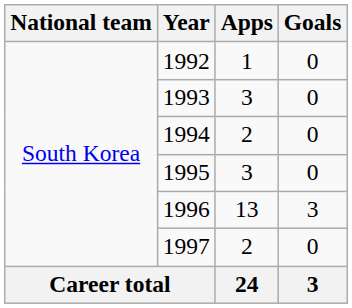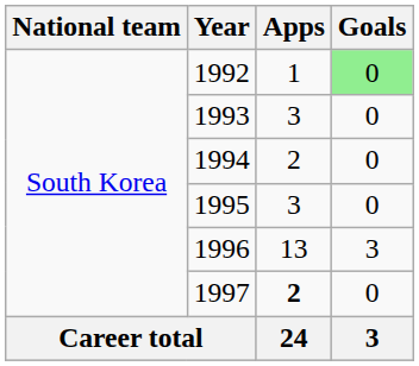 <table class="wikitable" style="text-align:center">
 <tr>
 <th>National team</th>
 <th>Year</th>
 <th>Apps</th>
 <th>Goals</th>
 </tr>
 <tr>
 <td rowspan="6"><a href='#'>South Korea</a></td>
 <td>1992</td>
 <td>1</td>
-<td>0</td>
+<td style="background: lightgreen;">0</td>
 </tr>
 <tr>
 <td>1993</td>
 <td>3</td>
 <td>0</td>
 </tr>
 <tr>
 <td>1994</td>
 <td>2</td>
 <td>0</td>
 </tr>
 <tr>
 <td>1995</td>
 <td>3</td>
 <td>0</td>
 </tr>
 <tr>
 <td>1996</td>
 <td>13</td>
 <td>3</td>
 </tr>
 <tr>
 <td>1997</td>
-<td>2</td>
+<td><strong>2</strong></td>
 <td>0</td>
 </tr>
 <tr>
 <th colspan="2">Career total</th>
 <th>24</th>
 <th>3</th>
 </tr>
 </table>
